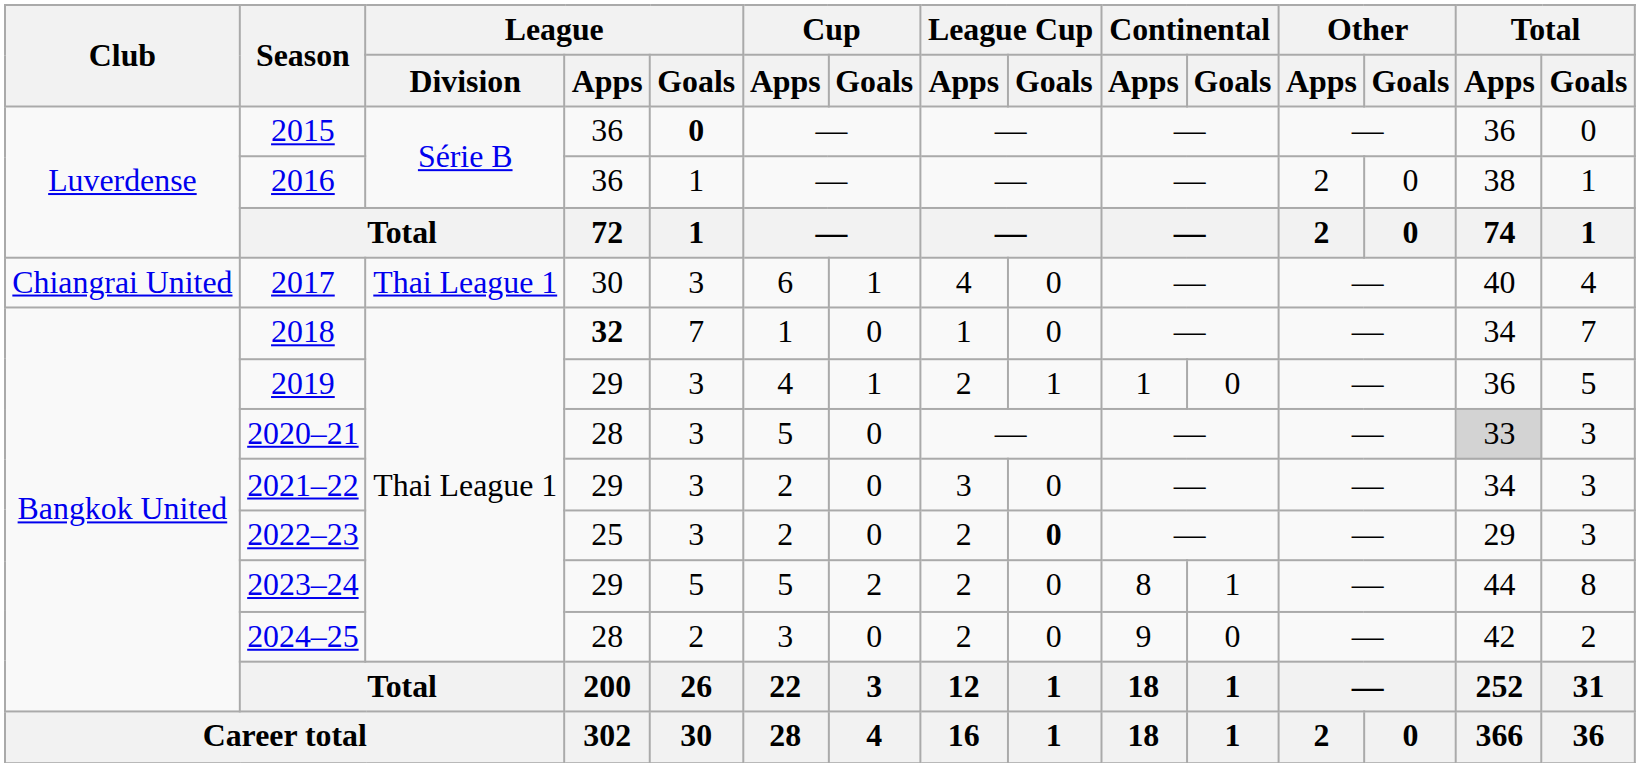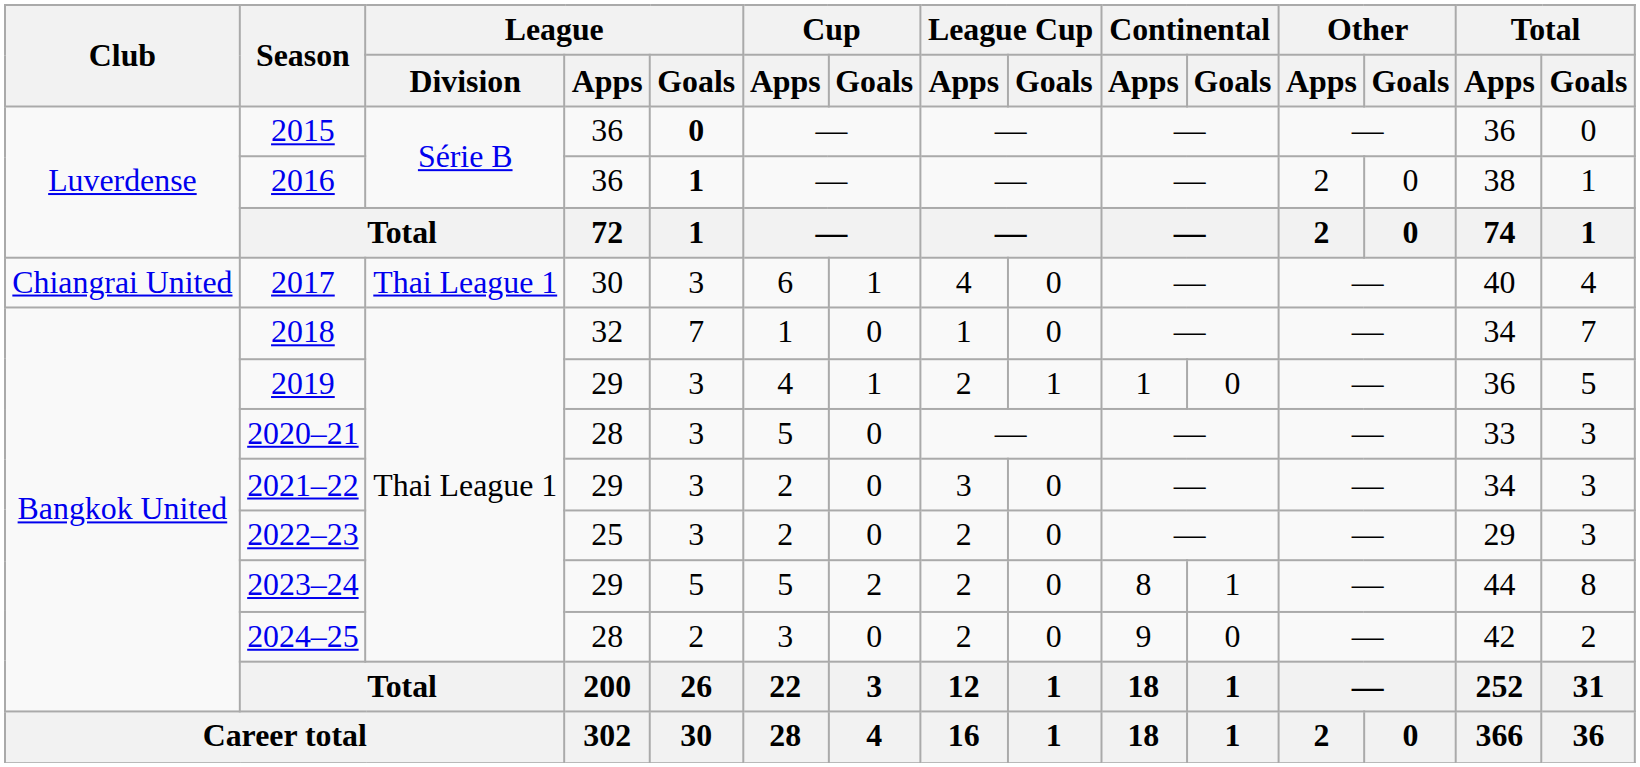 <table class="wikitable" style="text-align:center">
 <tr>
 <th rowspan="2">Club</th>
 <th rowspan="2">Season</th>
 <th colspan="3">League</th>
 <th colspan="2">Cup</th>
 <th colspan="2">League Cup</th>
 <th colspan="2">Continental</th>
 <th colspan="2">Other</th>
 <th colspan="2">Total</th>
 </tr>
 <tr>
 <th>Division</th>
 <th>Apps</th>
 <th>Goals</th>
 <th>Apps</th>
 <th>Goals</th>
 <th>Apps</th>
 <th>Goals</th>
 <th>Apps</th>
 <th>Goals</th>
 <th>Apps</th>
 <th>Goals</th>
 <th>Apps</th>
 <th>Goals</th>
 </tr>
 <tr>
 <td rowspan="3"><a href='#'>Luverdense</a></td>
 <td><a href='#'>2015</a></td>
 <td rowspan="2"><a href='#'>Série B</a></td>
 <td>36</td>
 <td><strong>0</strong></td>
 <td colspan="2">—</td>
 <td colspan="2">—</td>
 <td colspan="2">—</td>
 <td colspan="2">—</td>
 <td>36</td>
 <td>0</td>
 </tr>
 <tr>
 <td><a href='#'>2016</a></td>
 <td>36</td>
-<td>1</td>
+<td><strong>1</strong></td>
 <td colspan="2">—</td>
 <td colspan="2">—</td>
 <td colspan="2">—</td>
 <td>2</td>
 <td>0</td>
 <td>38</td>
 <td>1</td>
 </tr>
 <tr>
 <th colspan="2">Total</th>
 <th>72</th>
 <th>1</th>
 <th colspan="2">—</th>
 <th colspan="2">—</th>
 <th colspan="2">—</th>
 <th>2</th>
 <th>0</th>
 <th>74</th>
 <th>1</th>
 </tr>
 <tr>
 <td rowspan="1"><a href='#'>Chiangrai United</a></td>
 <td><a href='#'>2017</a></td>
 <td><a href='#'>Thai League 1</a></td>
 <td>30</td>
 <td>3</td>
 <td>6</td>
 <td>1</td>
 <td>4</td>
 <td>0</td>
 <td colspan="2">—</td>
 <td colspan="2">—</td>
 <td>40</td>
 <td>4</td>
 </tr>
 <tr>
 <td rowspan="8"><a href='#'>Bangkok United</a></td>
 <td><a href='#'>2018</a></td>
 <td rowspan="7">Thai League 1</td>
-<td><strong>32</strong></td>
+<td>32</td>
 <td>7</td>
 <td>1</td>
 <td>0</td>
 <td>1</td>
 <td>0</td>
 <td colspan="2">—</td>
 <td colspan="2">—</td>
 <td>34</td>
 <td>7</td>
 </tr>
 <tr>
 <td><a href='#'>2019</a></td>
 <td>29</td>
 <td>3</td>
 <td>4</td>
 <td>1</td>
 <td>2</td>
 <td>1</td>
 <td>1</td>
 <td>0</td>
 <td colspan="2">—</td>
 <td>36</td>
 <td>5</td>
 </tr>
 <tr>
 <td><a href='#'>2020–21</a></td>
 <td>28</td>
 <td>3</td>
 <td>5</td>
 <td>0</td>
 <td colspan="2">—</td>
 <td colspan="2">—</td>
 <td colspan="2">—</td>
-<td style="background: lightgrey;">33</td>
+<td>33</td>
 <td>3</td>
 </tr>
 <tr>
 <td><a href='#'>2021–22</a></td>
 <td>29</td>
 <td>3</td>
 <td>2</td>
 <td>0</td>
 <td>3</td>
 <td>0</td>
 <td colspan="2">—</td>
 <td colspan="2">—</td>
 <td>34</td>
 <td>3</td>
 </tr>
 <tr>
 <td><a href='#'>2022–23</a></td>
 <td>25</td>
 <td>3</td>
 <td>2</td>
 <td>0</td>
 <td>2</td>
-<td><strong>0</strong></td>
+<td>0</td>
 <td colspan="2">—</td>
 <td colspan="2">—</td>
 <td>29</td>
 <td>3</td>
 </tr>
 <tr>
 <td><a href='#'>2023–24</a></td>
 <td>29</td>
 <td>5</td>
 <td>5</td>
 <td>2</td>
 <td>2</td>
 <td>0</td>
 <td>8</td>
 <td>1</td>
 <td colspan="2">—</td>
 <td>44</td>
 <td>8</td>
 </tr>
 <tr>
 <td><a href='#'>2024–25</a></td>
 <td>28</td>
 <td>2</td>
 <td>3</td>
 <td>0</td>
 <td>2</td>
 <td>0</td>
 <td>9</td>
 <td>0</td>
 <td colspan="2">—</td>
 <td>42</td>
 <td>2</td>
 </tr>
 <tr>
 <th colspan="2">Total</th>
 <th>200</th>
 <th>26</th>
 <th>22</th>
 <th>3</th>
 <th>12</th>
 <th>1</th>
 <th>18</th>
 <th>1</th>
 <th colspan="2">—</th>
 <th>252</th>
 <th>31</th>
 </tr>
 <tr>
 <th colspan="3">Career total</th>
 <th>302</th>
 <th>30</th>
 <th>28</th>
 <th>4</th>
 <th>16</th>
 <th>1</th>
 <th>18</th>
 <th>1</th>
 <th>2</th>
 <th>0</th>
 <th>366</th>
 <th>36</th>
 </tr>
 </table>
